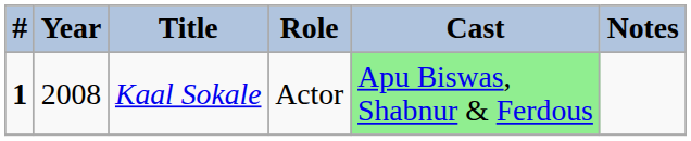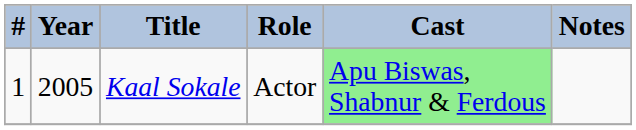 <table class="wikitable sortable">
 <tr style="text-align:center;">
 <th style="background:#B0C4DE;">#</th>
 <th style="background:#B0C4DE;">Year</th>
 <th style="background:#B0C4DE;">Title</th>
 <th style="background:#B0C4DE;">Role</th>
 <th style="background:#B0C4DE;">Cast</th>
 <th style="background:#B0C4DE;">Notes</th>
 </tr>
 <tr>
-<td><strong>1</strong></td>
-<td>2008</td>
+<td>1</td>
+<td>2005</td>
 <td><em><a href='#'>Kaal Sokale</a></em></td>
 <td>Actor</td>
 <td style="background: lightgreen;"><a href='#'>Apu Biswas</a>,<br><a href='#'>Shabnur</a> & <a href='#'>Ferdous</a></td>
 <td></td>
 </tr>
 <tr>
 </tr>
 </table>
